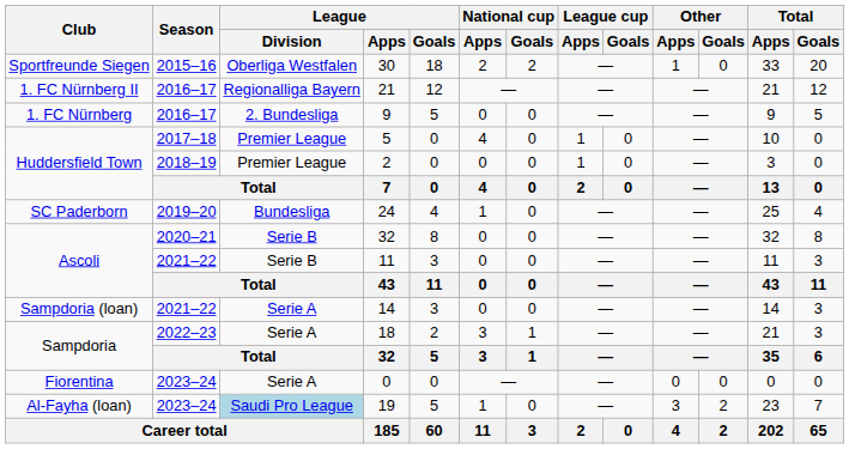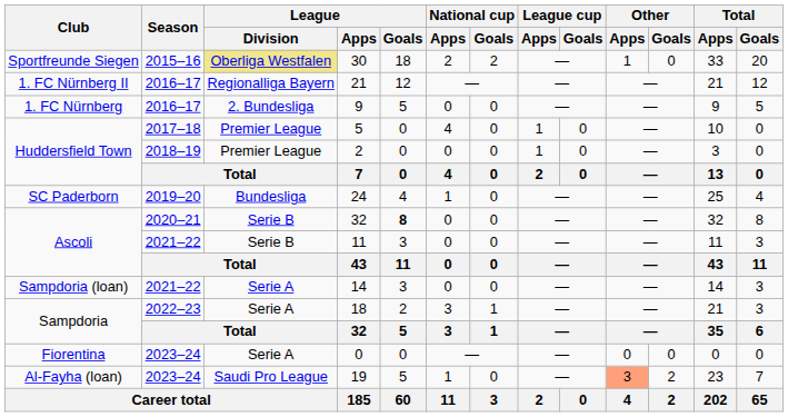 <table class="wikitable" style="text-align: center">
 <tr>
 <th rowspan=2>Club</th>
 <th rowspan=2>Season</th>
 <th colspan=3>League</th>
 <th colspan=2>National cup</th>
 <th colspan=2>League cup</th>
 <th colspan=2>Other</th>
 <th colspan=2>Total</th>
 </tr>
 <tr>
 <th>Division</th>
 <th>Apps</th>
 <th>Goals</th>
 <th>Apps</th>
 <th>Goals</th>
 <th>Apps</th>
 <th>Goals</th>
 <th>Apps</th>
 <th>Goals</th>
 <th>Apps</th>
 <th>Goals</th>
 </tr>
 <tr>
 <td><a href='#'>Sportfreunde Siegen</a></td>
 <td><a href='#'>2015–16</a></td>
-<td><a href='#'>Oberliga Westfalen</a></td>
+<td style="background: khaki;"><a href='#'>Oberliga Westfalen</a></td>
 <td>30</td>
 <td>18</td>
 <td>2</td>
 <td>2</td>
 <td colspan="2">—</td>
 <td>1</td>
 <td>0</td>
 <td>33</td>
 <td>20</td>
 </tr>
 <tr>
 <td><a href='#'>1. FC Nürnberg II</a></td>
 <td><a href='#'>2016–17</a></td>
 <td><a href='#'>Regionalliga Bayern</a></td>
 <td>21</td>
 <td>12</td>
 <td colspan="2">—</td>
 <td colspan="2">—</td>
 <td colspan="2">—</td>
 <td>21</td>
 <td>12</td>
 </tr>
 <tr>
 <td><a href='#'>1. FC Nürnberg</a></td>
 <td><a href='#'>2016–17</a></td>
 <td><a href='#'>2. Bundesliga</a></td>
 <td>9</td>
 <td>5</td>
 <td>0</td>
 <td>0</td>
 <td colspan="2">—</td>
 <td colspan="2">—</td>
 <td>9</td>
 <td>5</td>
 </tr>
 <tr>
 <td rowspan="3"><a href='#'>Huddersfield Town</a></td>
 <td><a href='#'>2017–18</a></td>
 <td><a href='#'>Premier League</a></td>
 <td>5</td>
 <td>0</td>
 <td>4</td>
 <td>0</td>
 <td>1</td>
 <td>0</td>
 <td colspan="2">—</td>
 <td>10</td>
 <td>0</td>
 </tr>
 <tr>
 <td><a href='#'>2018–19</a></td>
 <td>Premier League</td>
 <td>2</td>
 <td>0</td>
 <td>0</td>
 <td>0</td>
 <td>1</td>
 <td>0</td>
 <td colspan="2">—</td>
 <td>3</td>
 <td>0</td>
 </tr>
 <tr>
 <th colspan="2">Total</th>
 <th>7</th>
 <th>0</th>
 <th>4</th>
 <th>0</th>
 <th>2</th>
 <th>0</th>
 <th colspan="2">—</th>
 <th>13</th>
 <th>0</th>
 </tr>
 <tr>
 <td><a href='#'>SC Paderborn</a></td>
 <td><a href='#'>2019–20</a></td>
 <td><a href='#'>Bundesliga</a></td>
 <td>24</td>
 <td>4</td>
 <td>1</td>
 <td>0</td>
 <td colspan="2">—</td>
 <td colspan="2">—</td>
 <td>25</td>
 <td>4</td>
 </tr>
 <tr>
 <td rowspan="3"><a href='#'>Ascoli</a></td>
 <td><a href='#'>2020–21</a></td>
 <td><a href='#'>Serie B</a></td>
 <td>32</td>
-<td>8</td>
+<td><strong>8</strong></td>
 <td>0</td>
 <td>0</td>
 <td colspan="2">—</td>
 <td colspan="2">—</td>
 <td>32</td>
 <td>8</td>
 </tr>
 <tr>
 <td><a href='#'>2021–22</a></td>
 <td>Serie B</td>
 <td>11</td>
 <td>3</td>
 <td>0</td>
 <td>0</td>
 <td colspan="2">—</td>
 <td colspan="2">—</td>
 <td>11</td>
 <td>3</td>
 </tr>
 <tr>
 <th colspan="2">Total</th>
 <th>43</th>
 <th>11</th>
 <th>0</th>
 <th>0</th>
 <th colspan="2">—</th>
 <th colspan="2">—</th>
 <th>43</th>
 <th>11</th>
 </tr>
 <tr>
 <td><a href='#'>Sampdoria</a> (loan)</td>
 <td><a href='#'>2021–22</a></td>
 <td><a href='#'>Serie A</a></td>
 <td>14</td>
 <td>3</td>
 <td>0</td>
 <td>0</td>
 <td colspan="2">—</td>
 <td colspan="2">—</td>
 <td>14</td>
 <td>3</td>
 </tr>
 <tr>
 <td rowspan="2">Sampdoria</td>
 <td><a href='#'>2022–23</a></td>
 <td>Serie A</td>
 <td>18</td>
 <td>2</td>
 <td>3</td>
 <td>1</td>
 <td colspan="2">—</td>
 <td colspan="2">—</td>
 <td>21</td>
 <td>3</td>
 </tr>
 <tr>
 <th colspan="2">Total</th>
 <th>32</th>
 <th>5</th>
 <th>3</th>
 <th>1</th>
 <th colspan="2">—</th>
 <th colspan="2">—</th>
 <th>35</th>
 <th>6</th>
 </tr>
 <tr>
 <td><a href='#'>Fiorentina</a></td>
 <td><a href='#'>2023–24</a></td>
 <td>Serie A</td>
 <td>0</td>
 <td>0</td>
 <td colspan="2">—</td>
 <td colspan="2">—</td>
 <td>0</td>
 <td>0</td>
 <td>0</td>
 <td>0</td>
 </tr>
 <tr>
 <td><a href='#'>Al-Fayha</a> (loan)</td>
 <td><a href='#'>2023–24</a></td>
-<td style="background: lightblue;"><a href='#'>Saudi Pro League</a></td>
+<td><a href='#'>Saudi Pro League</a></td>
 <td>19</td>
 <td>5</td>
 <td>1</td>
 <td>0</td>
 <td colspan="2">—</td>
-<td>3</td>
+<td style="background: lightsalmon;">3</td>
 <td>2</td>
 <td>23</td>
 <td>7</td>
 </tr>
 <tr>
 <th colspan="3">Career total</th>
 <th>185</th>
 <th>60</th>
 <th>11</th>
 <th>3</th>
 <th>2</th>
 <th>0</th>
 <th>4</th>
 <th>2</th>
 <th>202</th>
 <th>65</th>
 </tr>
 </table>
